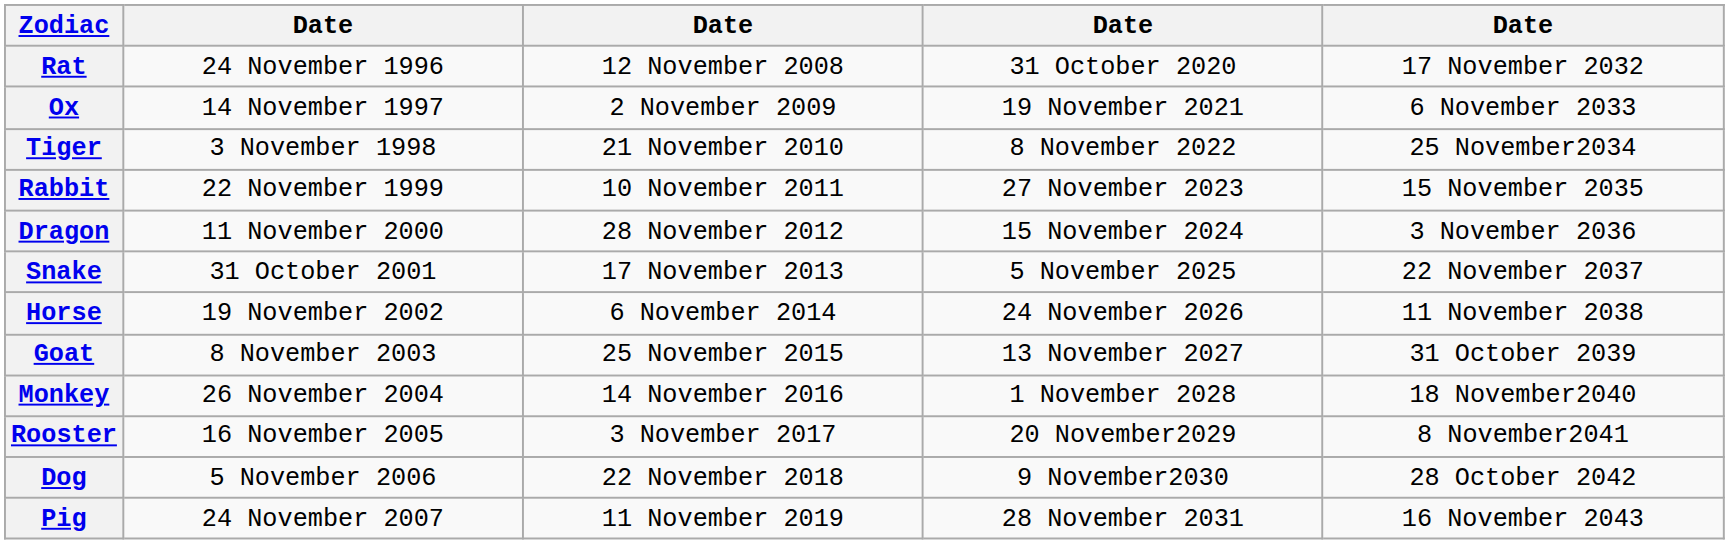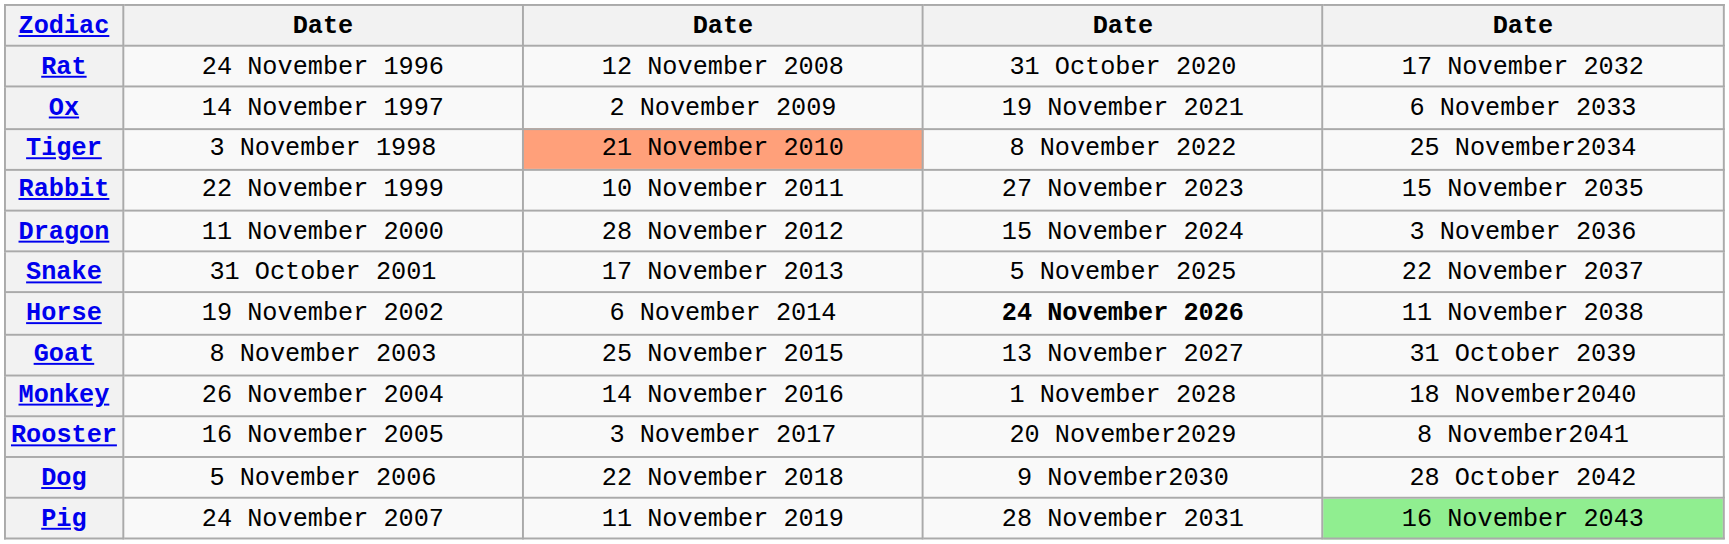 <table class="wikitable" style="text-align:center;">
 <tr>
 <th width="50"><a href='#'>Zodiac</a></th>
 <th width="200">Date</th>
 <th width="200">Date</th>
 <th width="200">Date</th>
 <th width="200">Date</th>
 </tr>
 <tr>
 <th><a href='#'>Rat</a></th>
 <td>24 November 1996</td>
 <td>12 November 2008</td>
 <td>31 October 2020</td>
 <td>17 November 2032</td>
 </tr>
 <tr>
 <th><a href='#'>Ox</a></th>
 <td>14 November 1997</td>
 <td>2 November 2009</td>
 <td>19 November 2021</td>
 <td>6 November 2033</td>
 </tr>
 <tr>
 <th><a href='#'>Tiger</a></th>
 <td>3 November 1998</td>
-<td>21 November 2010</td>
+<td style="background: lightsalmon;">21 November 2010</td>
 <td>8 November 2022</td>
 <td>25 November2034</td>
 </tr>
 <tr>
 <th><a href='#'>Rabbit</a></th>
 <td>22 November 1999</td>
 <td>10 November 2011</td>
 <td>27 November 2023</td>
 <td>15 November 2035</td>
 </tr>
 <tr>
 <th><a href='#'>Dragon</a></th>
 <td>11 November 2000</td>
 <td>28 November 2012</td>
 <td>15 November 2024</td>
 <td>3 November 2036</td>
 </tr>
 <tr>
 <th><a href='#'>Snake</a></th>
 <td>31 October 2001</td>
 <td>17 November 2013</td>
 <td>5 November 2025</td>
 <td>22 November 2037</td>
 </tr>
 <tr>
 <th><a href='#'>Horse</a></th>
 <td>19 November 2002</td>
 <td>6 November 2014</td>
-<td>24 November 2026</td>
+<td><strong>24 November 2026</strong></td>
 <td>11 November 2038</td>
 </tr>
 <tr>
 <th><a href='#'>Goat</a></th>
 <td>8 November 2003</td>
 <td>25 November 2015</td>
 <td>13 November 2027</td>
 <td>31 October 2039</td>
 </tr>
 <tr>
 <th><a href='#'>Monkey</a></th>
 <td>26 November 2004</td>
 <td>14 November 2016</td>
 <td>1 November 2028</td>
 <td>18 November2040</td>
 </tr>
 <tr>
 <th><a href='#'>Rooster</a></th>
 <td>16 November 2005</td>
 <td>3 November 2017</td>
 <td>20 November2029</td>
 <td>8 November2041</td>
 </tr>
 <tr>
 <th><a href='#'>Dog</a></th>
 <td>5 November 2006</td>
 <td>22 November 2018</td>
 <td>9 November2030</td>
 <td>28 October 2042</td>
 </tr>
 <tr>
 <th><a href='#'>Pig</a></th>
 <td>24 November 2007</td>
 <td>11 November 2019</td>
 <td>28 November 2031</td>
-<td>16 November 2043</td>
+<td style="background: lightgreen;">16 November 2043</td>
 </tr>
 </table>
